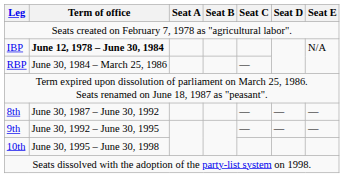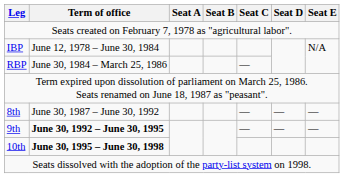 <table class="wikitable" style="font-size:95%;">
 <tr>
 <th><a href='#'>Leg</a></th>
 <th>Term of office</th>
 <th>Seat A</th>
 <th>Seat B</th>
 <th>Seat C</th>
 <th>Seat D</th>
 <th>Seat E</th>
 </tr>
 <tr>
 <td colspan="7" align="center">Seats created on February 7, 1978 as "agricultural labor".</td>
 </tr>
 <tr style="vertical-align:top;">
 <td><a href='#'>IBP</a></td>
-<td><strong>June 12, 1978 – June 30, 1984</strong></td>
+<td>June 12, 1978 – June 30, 1984</td>
 <td></td>
 <td></td>
 <td></td>
 <td rowspan="2"></td>
 <td rowspan="2">N/A</td>
 </tr>
 <tr style="vertical-align:top;">
 <td><a href='#'>RBP</a></td>
 <td>June 30, 1984 – March 25, 1986</td>
 <td></td>
 <td></td>
 <td>—</td>
 </tr>
 <tr style="vertical-align:top;">
 <td colspan="7" align="center">Term expired upon dissolution of parliament on March 25, 1986.<br>Seats renamed on June 18, 1987 as "peasant".</td>
 </tr>
 <tr>
 <td><a href='#'>8th</a></td>
 <td>June 30, 1987 – June 30, 1992</td>
 <td></td>
 <td></td>
 <td>—</td>
 <td>—</td>
 <td>—</td>
 </tr>
 <tr style="vertical-align:top;">
 <td><a href='#'>9th</a></td>
-<td>June 30, 1992 – June 30, 1995</td>
+<td><strong>June 30, 1992 – June 30, 1995</strong></td>
 <td rowspan="2"></td>
 <td rowspan="2"></td>
 <td>—</td>
 <td>—</td>
 <td>—</td>
 </tr>
 <tr style="vertical-align:top;">
 <td><a href='#'>10th</a></td>
-<td>June 30, 1995 – June 30, 1998</td>
+<td><strong>June 30, 1995 – June 30, 1998</strong></td>
 <td></td>
 <td></td>
 <td></td>
 </tr>
 <tr>
 <td colspan="7" align="center">Seats dissolved with the adoption of the <a href='#'>party-list system</a> on 1998.</td>
 </tr>
 </table>
